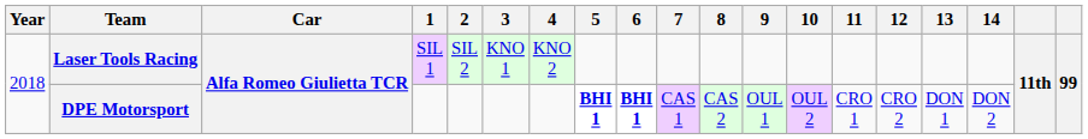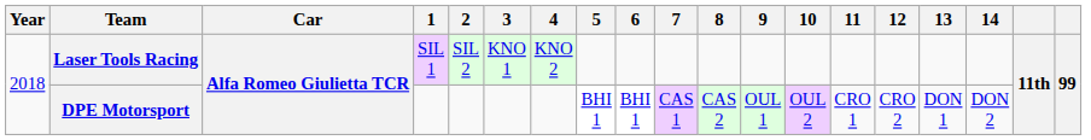 <table class="wikitable" style="text-align:center; font-size:85%">
 <tr>
 <th>Year</th>
 <th>Team</th>
 <th>Car</th>
 <th>1</th>
 <th>2</th>
 <th>3</th>
 <th>4</th>
 <th>5</th>
 <th>6</th>
 <th>7</th>
 <th>8</th>
 <th>9</th>
 <th>10</th>
 <th>11</th>
 <th>12</th>
 <th>13</th>
 <th>14</th>
 <th></th>
 <th></th>
 </tr>
 <tr>
 <td rowspan=2><a href='#'>2018</a></td>
 <th nowrap><a href='#'>Laser Tools Racing</a></th>
 <th rowspan=2 nowrap><a href='#'>Alfa Romeo Giulietta TCR</a></th>
 <td style="background:#efcfff;"><a href='#'>SIL<br>1</a><br></td>
 <td style="background:#dfffdf;"><a href='#'>SIL<br>2</a><br></td>
 <td style="background:#dfffdf;"><a href='#'>KNO<br>1</a><br></td>
 <td style="background:#dfffdf;"><a href='#'>KNO<br>2</a><br></td>
 <td></td>
 <td></td>
 <td></td>
 <td></td>
 <td></td>
 <td></td>
 <td></td>
 <td></td>
 <td></td>
 <td></td>
 <th rowspan=2>11th</th>
 <th rowspan=2>99</th>
 </tr>
 <tr>
 <th nowrap><a href='#'>DPE Motorsport</a></th>
 <td></td>
 <td></td>
 <td></td>
 <td></td>
-<td style="background:#ffffff;"><strong><a href='#'>BHI<br>1</a><br></strong></td>
-<td style="background:#ffffff;"><strong><a href='#'>BHI<br>1</a><br></strong></td>
+<td style="background:#ffffff;"><a href='#'>BHI<br>1</a><br></td>
+<td style="background:#ffffff;"><a href='#'>BHI<br>1</a><br></td>
 <td style="background:#efcfff;"><a href='#'>CAS<br>1</a><br></td>
 <td style="background:#dfffdf;"><a href='#'>CAS<br>2</a><br></td>
 <td style="background:#dfffdf;"><a href='#'>OUL<br>1</a><br></td>
 <td style="background:#efcfff;"><a href='#'>OUL<br>2</a><br></td>
 <td style="background:#;"><a href='#'>CRO<br>1</a></td>
 <td style="background:#;"><a href='#'>CRO<br>2</a></td>
 <td style="background:#;"><a href='#'>DON<br>1</a></td>
 <td style="background:#;"><a href='#'>DON<br>2</a></td>
 </tr>
 </table>
